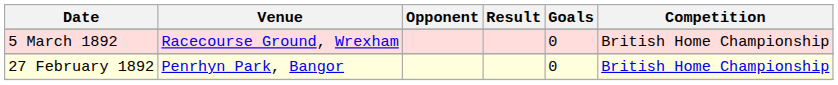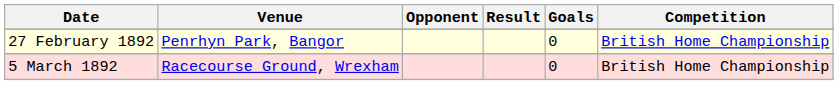 <table class="wikitable">
 <tr>
 <th>Date</th>
 <th>Venue</th>
 <th>Opponent</th>
 <th>Result</th>
 <th>Goals</th>
 <th>Competition</th>
+</tr>
+<tr>
+</tr>
+<tr bgcolor="#ffffdd">
+<td>27 February 1892</td>
+<td><a href='#'>Penrhyn Park</a>, <a href='#'>Bangor</a></td>
+<td></td>
+<td></td>
+<td>0</td>
+<td><a href='#'>British Home Championship</a></td>
 </tr>
 <tr>
 </tr>
 <tr bgcolor=" #ffdddd ">
 <td>5 March 1892</td>
 <td><a href='#'>Racecourse Ground</a>, <a href='#'>Wrexham</a></td>
 <td></td>
 <td></td>
 <td>0</td>
 <td>British Home Championship</td>
 </tr>
 <tr>
 </tr>
-<tr bgcolor="#ffffdd">
-<td>27 February 1892</td>
-<td><a href='#'>Penrhyn Park</a>, <a href='#'>Bangor</a></td>
-<td></td>
-<td></td>
-<td>0</td>
-<td><a href='#'>British Home Championship</a></td>
-</tr>
-<tr>
-</tr>
 </table>
